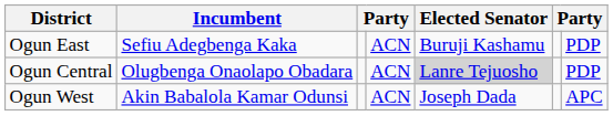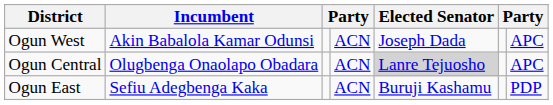 <table class="sortable wikitable" style="font-size:95%;line-height:14px;">
 <tr>
 <th class="unsortable">District</th>
 <th class="unsortable"><a href='#'>Incumbent</a></th>
 <th colspan="2">Party</th>
 <th class="unsortable">Elected Senator</th>
 <th colspan="2">Party</th>
+</tr>
+<tr>
+<td>Ogun West</td>
+<td><a href='#'>Akin Babalola Kamar Odunsi</a></td>
+<td style="background:"></td>
+<td><a href='#'>ACN</a></td>
+<td><a href='#'>Joseph Dada</a></td>
+<td style="background:"></td>
+<td><a href='#'>APC</a></td>
+</tr>
+<tr>
+<td>Ogun Central</td>
+<td><a href='#'>Olugbenga Onaolapo Obadara</a></td>
+<td style="background:"></td>
+<td><a href='#'>ACN</a></td>
+<td style="background: lightgrey;"><a href='#'>Lanre Tejuosho</a></td>
+<td style="background:"></td>
+<td><a href='#'>APC</a></td>
 </tr>
 <tr>
 <td>Ogun East</td>
 <td><a href='#'>Sefiu Adegbenga Kaka</a></td>
 <td style="background:"></td>
 <td><a href='#'>ACN</a></td>
 <td><a href='#'>Buruji Kashamu</a></td>
 <td style="background:"></td>
 <td><a href='#'>PDP</a></td>
 </tr>
-<tr>
-<td>Ogun Central</td>
-<td><a href='#'>Olugbenga Onaolapo Obadara</a></td>
-<td style="background:"></td>
-<td><a href='#'>ACN</a></td>
-<td style="background: lightgrey;"><a href='#'>Lanre Tejuosho</a></td>
-<td style="background:"></td>
-<td><a href='#'>PDP</a></td>
-</tr>
-<tr>
-<td>Ogun West</td>
-<td><a href='#'>Akin Babalola Kamar Odunsi</a></td>
-<td style="background:"></td>
-<td><a href='#'>ACN</a></td>
-<td><a href='#'>Joseph Dada</a></td>
-<td style="background:"></td>
-<td><a href='#'>APC</a></td>
-</tr>
 </table>
